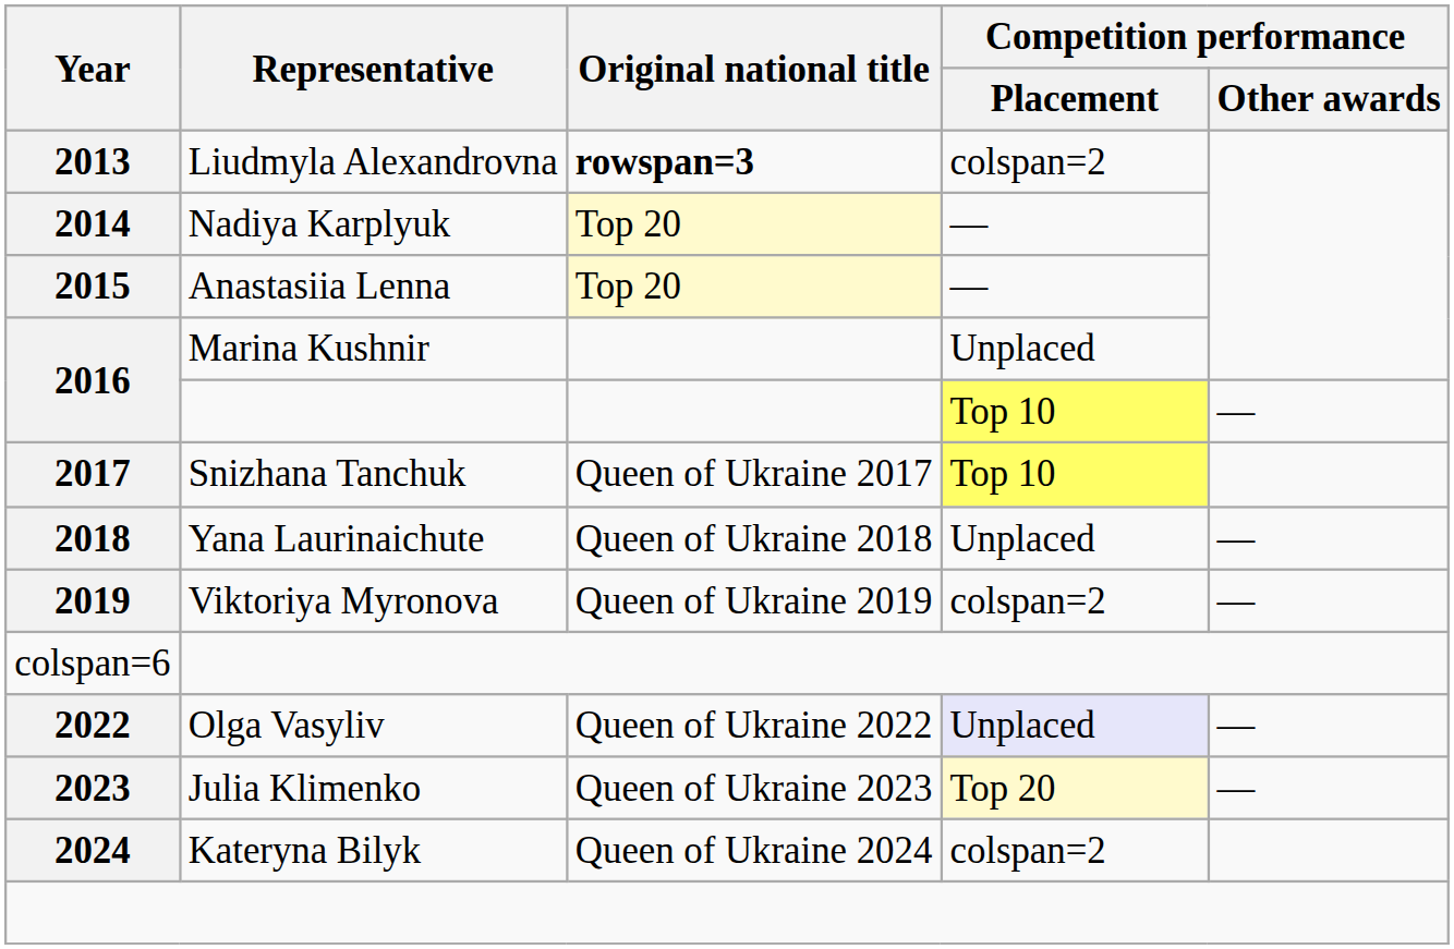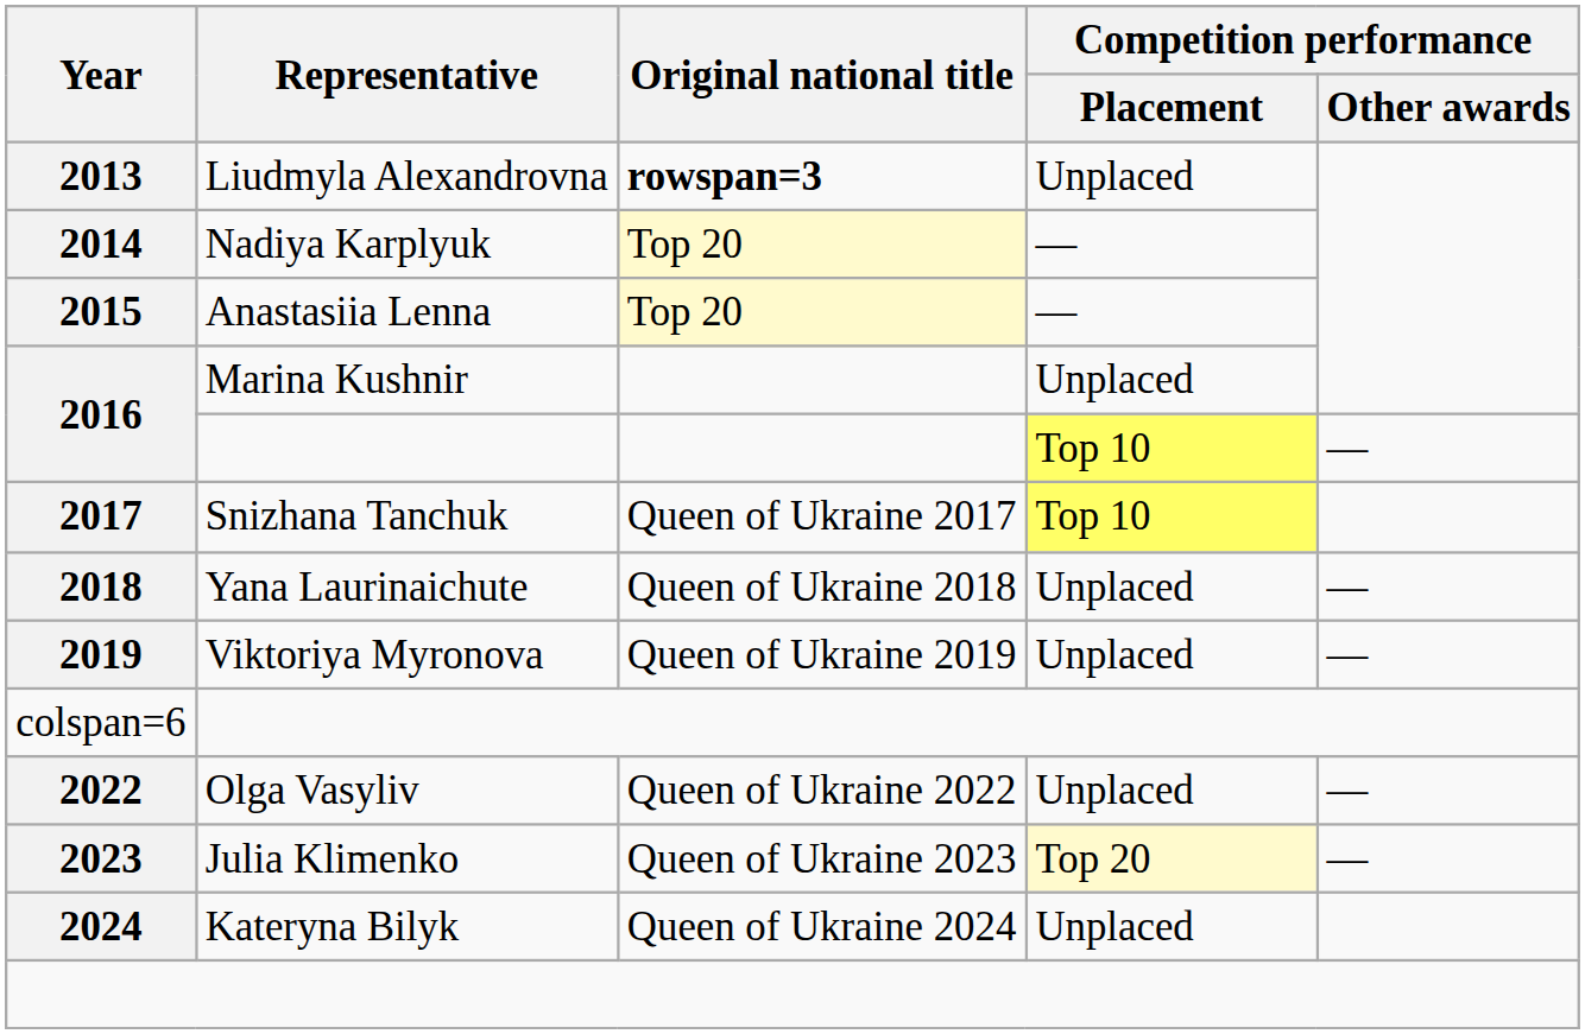 <table class="wikitable defaultcenter col2left" style="font-size:95%;">
 <tr>
 <th rowspan=2>Year</th>
 <th rowspan=2>Representative</th>
 <th rowspan=2>Original national title</th>
 <th colspan=2>Competition performance</th>
 </tr>
 <tr>
 <th width=100px>Placement</th>
 <th>Other awards</th>
 </tr>
 <tr>
 <th>2013</th>
 <td>Liudmyla Alexandrovna</td>
 <td><strong>rowspan=3 </strong></td>
-<td>colspan=2 </td>
+<td>Unplaced</td>
 </tr>
 <tr>
 <th>2014</th>
 <td>Nadiya Karplyuk</td>
 <td bgcolor=#FFFACD>Top 20</td>
 <td>—</td>
 </tr>
 <tr>
 <th>2015</th>
 <td>Anastasiia Lenna</td>
 <td bgcolor=#FFFACD>Top 20</td>
 <td>—</td>
 </tr>
 <tr>
 <th rowspan=2>2016</th>
 <td>Marina Kushnir</td>
 <td></td>
 <td>Unplaced</td>
 </tr>
 <tr>
 <td></td>
 <td></td>
 <td bgcolor=#FFFF66>Top 10</td>
 <td>—</td>
 </tr>
 <tr>
 <th>2017</th>
 <td>Snizhana Tanchuk</td>
 <td>Queen of Ukraine 2017</td>
 <td bgcolor=#FFFF66>Top 10</td>
 </tr>
 <tr>
 <th>2018</th>
 <td>Yana Laurinaichute</td>
 <td>Queen of Ukraine 2018</td>
 <td>Unplaced</td>
 <td>—</td>
 </tr>
 <tr>
 <th>2019</th>
 <td>Viktoriya Myronova</td>
 <td>Queen of Ukraine 2019</td>
-<td>colspan=2 </td>
+<td>Unplaced</td>
 <td>—</td>
 </tr>
 <tr>
 <td>colspan=6 </td>
 </tr>
 <tr>
 <th>2022</th>
 <td>Olga Vasyliv</td>
 <td>Queen of Ukraine 2022</td>
-<td style="background: lavender;">Unplaced</td>
+<td>Unplaced</td>
 <td>—</td>
 </tr>
 <tr>
 <th>2023</th>
 <td>Julia Klimenko</td>
 <td>Queen of Ukraine 2023</td>
 <td bgcolor=#FFFACD>Top 20</td>
 <td>—</td>
 </tr>
 <tr>
 <th>2024</th>
 <td>Kateryna Bilyk</td>
 <td>Queen of Ukraine 2024</td>
-<td>colspan=2 </td>
+<td>Unplaced</td>
 </tr>
 <tr>
 <td colspan="6" align=left><br></td>
 </tr>
 </table>
